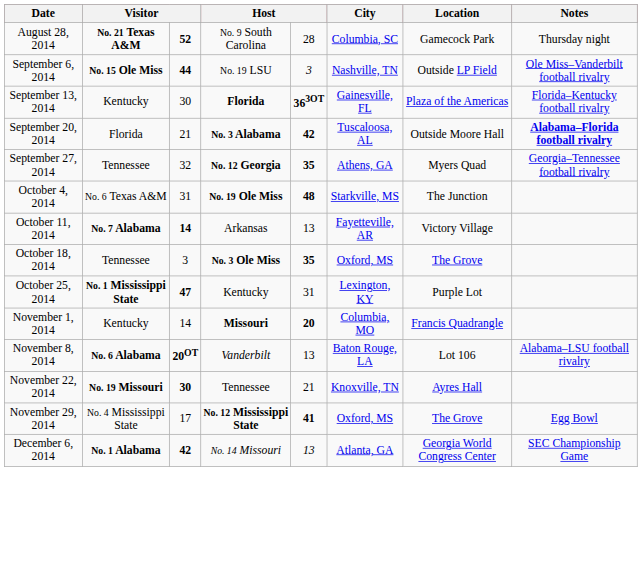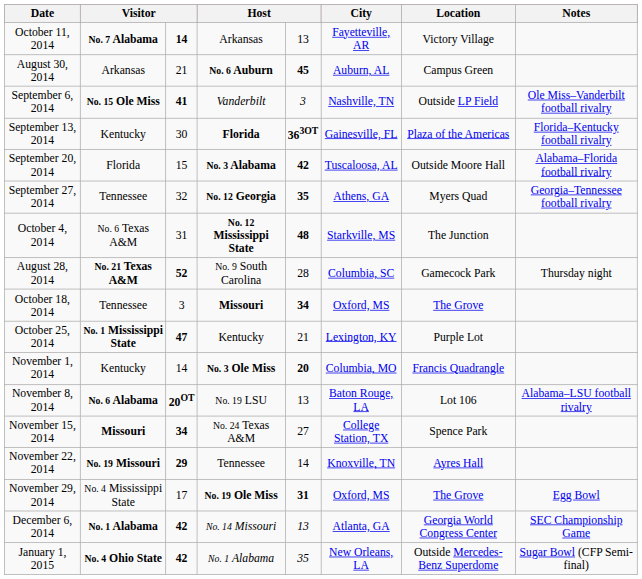 <table class="wikitable" style="text-align:center">
 <tr style="background:#A32638;"|>
 <th>Date</th>
 <th colspan=2>Visitor</th>
 <th colspan=2>Host</th>
 <th>City</th>
 <th>Location</th>
 <th>Notes</th>
 </tr>
 <tr>
-<td>August 28, 2014</td>
-<td><strong><small>No. 21</small> Texas A&M</strong></td>
-<td><strong>52</strong></td>
-<td><small>No. 9</small> South Carolina</td>
-<td>28</td>
-<td><a href='#'>Columbia, SC</a></td>
-<td>Gamecock Park</td>
-<td>Thursday night</td>
+<td>October 11, 2014</td>
+<td><strong><small>No. 7</small> Alabama</strong></td>
+<td><strong>14</strong></td>
+<td>Arkansas</td>
+<td>13</td>
+<td><a href='#'>Fayetteville, AR</a></td>
+<td>Victory Village</td>
+<td></td>
+</tr>
+<tr>
+<td>August 30, 2014</td>
+<td>Arkansas</td>
+<td>21</td>
+<td><strong><small>No. 6</small> Auburn</strong></td>
+<td><strong>45</strong></td>
+<td><a href='#'>Auburn, AL</a></td>
+<td>Campus Green</td>
+<td></td>
 </tr>
 <tr>
 <td>September 6, 2014</td>
 <td><strong><small>No. 15</small> Ole Miss</strong></td>
-<td><strong>44</strong></td>
-<td><small>No. 19</small> LSU</td>
+<td><strong>41</strong></td>
+<td><em>Vanderbilt</em></td>
 <td><em>3</em></td>
 <td><a href='#'>Nashville, TN</a></td>
 <td>Outside <a href='#'>LP Field</a></td>
 <td><a href='#'>Ole Miss–Vanderbilt football rivalry</a></td>
 </tr>
 <tr>
 <td>September 13, 2014</td>
 <td>Kentucky</td>
 <td>30</td>
 <td><strong>Florida</strong></td>
 <td><strong>36<sup>3OT</sup></strong></td>
 <td><a href='#'>Gainesville, FL</a></td>
 <td><a href='#'>Plaza of the Americas</a></td>
 <td><a href='#'>Florida–Kentucky football rivalry</a></td>
 </tr>
 <tr>
 <td>September 20, 2014</td>
 <td>Florida</td>
-<td>21</td>
+<td>15</td>
 <td><strong><small>No. 3</small> Alabama</strong></td>
 <td><strong>42</strong></td>
 <td><a href='#'>Tuscaloosa, AL</a></td>
 <td>Outside Moore Hall</td>
-<td><strong><a href='#'>Alabama–Florida football rivalry</a></strong></td>
+<td><a href='#'>Alabama–Florida football rivalry</a></td>
 </tr>
 <tr>
 <td>September 27, 2014</td>
 <td>Tennessee</td>
 <td>32</td>
 <td><strong><small>No. 12</small> Georgia</strong></td>
 <td><strong>35</strong></td>
 <td><a href='#'>Athens, GA</a></td>
 <td>Myers Quad</td>
 <td><a href='#'>Georgia–Tennessee football rivalry</a></td>
 </tr>
 <tr>
 <td>October 4, 2014</td>
 <td><small>No. 6</small> Texas A&M</td>
 <td>31</td>
-<td><strong><small>No. 19</small> Ole Miss</strong></td>
+<td><strong><small>No. 12</small> Mississippi State</strong></td>
 <td><strong>48</strong></td>
 <td><a href='#'>Starkville, MS</a></td>
 <td>The Junction</td>
 <td></td>
 </tr>
 <tr>
-<td>October 11, 2014</td>
-<td><strong><small>No. 7</small> Alabama</strong></td>
-<td><strong>14</strong></td>
-<td>Arkansas</td>
-<td>13</td>
-<td><a href='#'>Fayetteville, AR</a></td>
-<td>Victory Village</td>
-<td></td>
+<td>August 28, 2014</td>
+<td><strong><small>No. 21</small> Texas A&M</strong></td>
+<td><strong>52</strong></td>
+<td><small>No. 9</small> South Carolina</td>
+<td>28</td>
+<td><a href='#'>Columbia, SC</a></td>
+<td>Gamecock Park</td>
+<td>Thursday night</td>
 </tr>
 <tr>
 <td>October 18, 2014</td>
 <td>Tennessee</td>
 <td>3</td>
-<td><strong><small>No. 3</small> Ole Miss</strong></td>
-<td><strong>35</strong></td>
+<td><strong>Missouri</strong></td>
+<td><strong>34</strong></td>
 <td><a href='#'>Oxford, MS</a></td>
 <td><a href='#'>The Grove</a></td>
 <td></td>
 </tr>
 <tr>
 <td>October 25, 2014</td>
 <td><strong><small>No. 1</small> Mississippi State</strong></td>
 <td><strong>47</strong></td>
 <td>Kentucky</td>
-<td>31</td>
+<td>21</td>
 <td><a href='#'>Lexington, KY</a></td>
 <td>Purple Lot</td>
 <td></td>
 </tr>
 <tr>
 <td>November 1, 2014</td>
 <td>Kentucky</td>
 <td>14</td>
-<td><strong>Missouri</strong></td>
+<td><strong><small>No. 3</small> Ole Miss</strong></td>
 <td><strong>20</strong></td>
 <td><a href='#'>Columbia, MO</a></td>
 <td><a href='#'>Francis Quadrangle</a></td>
 <td></td>
 </tr>
 <tr>
 <td>November 8, 2014</td>
 <td><strong><small>No. 6</small> Alabama</strong></td>
 <td><strong>20<sup>OT</sup></strong></td>
-<td><em>Vanderbilt</em></td>
+<td><small>No. 19</small> LSU</td>
 <td>13</td>
 <td><a href='#'>Baton Rouge, LA</a></td>
 <td>Lot 106</td>
 <td><a href='#'>Alabama–LSU football rivalry</a></td>
 </tr>
 <tr>
+<td>November 15, 2014</td>
+<td><strong>Missouri</strong></td>
+<td><strong>34</strong></td>
+<td><small>No. 24</small> Texas A&M</td>
+<td>27</td>
+<td><a href='#'>College Station, TX</a></td>
+<td>Spence Park</td>
+<td></td>
+</tr>
+<tr>
 <td>November 22, 2014</td>
 <td><strong><small>No. 19</small> Missouri</strong></td>
-<td><strong>30</strong></td>
+<td><strong>29</strong></td>
 <td>Tennessee</td>
-<td>21</td>
+<td>14</td>
 <td><a href='#'>Knoxville, TN</a></td>
 <td><a href='#'>Ayres Hall</a></td>
 <td></td>
 </tr>
 <tr>
 <td>November 29, 2014</td>
 <td><small>No. 4</small> Mississippi State</td>
 <td>17</td>
-<td><strong><small>No. 12</small> Mississippi State</strong></td>
-<td><strong>41</strong></td>
+<td><strong><small>No. 19</small> Ole Miss</strong></td>
+<td><strong>31</strong></td>
 <td><a href='#'>Oxford, MS</a></td>
 <td><a href='#'>The Grove</a></td>
 <td><a href='#'>Egg Bowl</a></td>
 </tr>
 <tr>
 <td>December 6, 2014</td>
 <td><strong><small>No. 1</small> Alabama</strong></td>
 <td><strong>42</strong></td>
 <td><em><small>No. 14</small> Missouri</em></td>
 <td><em>13</em></td>
 <td><a href='#'>Atlanta, GA</a></td>
 <td><a href='#'>Georgia World Congress Center</a></td>
 <td><a href='#'>SEC Championship Game</a></td>
 </tr>
+<tr>
+<td>January 1, 2015</td>
+<td><strong><small>No. 4</small> Ohio State</strong></td>
+<td><strong>42</strong></td>
+<td><em><small>No. 1</small> Alabama</em></td>
+<td><em>35</em></td>
+<td><a href='#'>New Orleans, LA</a></td>
+<td>Outside <a href='#'>Mercedes-Benz Superdome</a></td>
+<td><a href='#'>Sugar Bowl</a> (CFP Semi-final)</td>
+</tr>
 </table>
